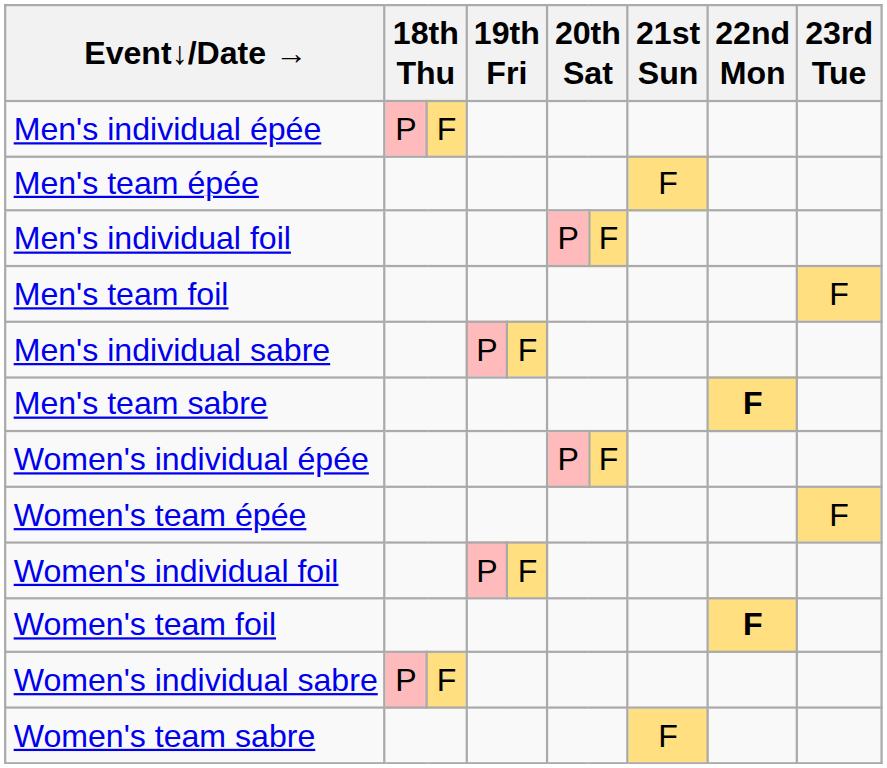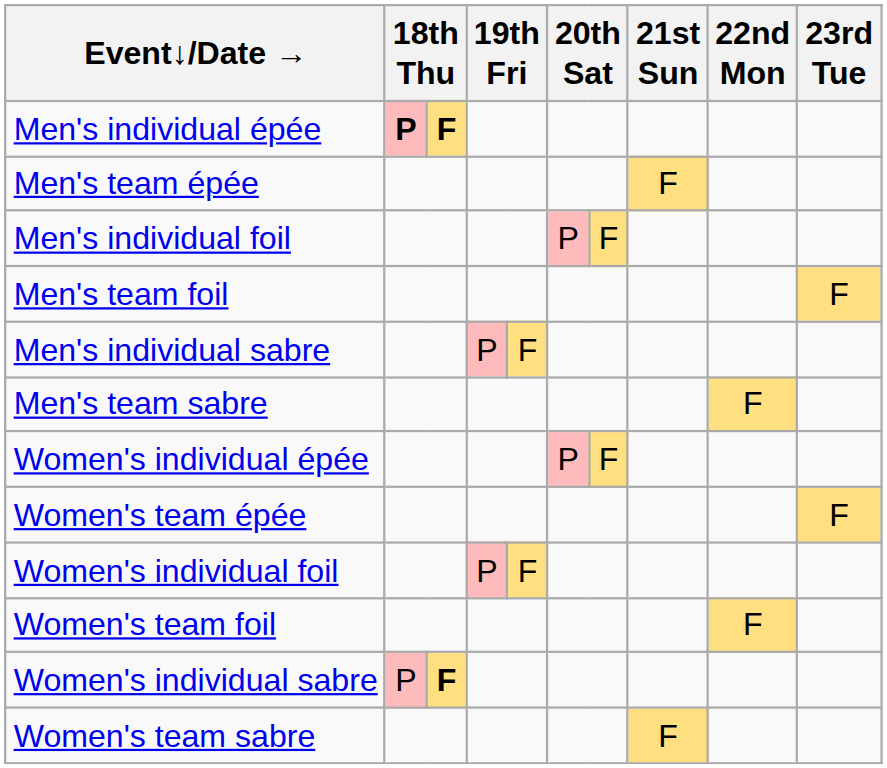 <table class="wikitable" style="margin:0.5em auto; font-size:90%; line-height:1.25em; text-align:center;">
 <tr>
 <th>Event↓/Date →</th>
 <th colspan=2>18th<br>Thu</th>
 <th colspan=2>19th<br>Fri</th>
 <th colspan=2>20th<br>Sat</th>
 <th>21st<br>Sun</th>
 <th>22nd<br>Mon</th>
 <th>23rd<br>Tue</th>
 </tr>
 <tr>
 <td style="text-align:left;"><a href='#'>Men's individual épée</a></td>
-<td bgcolor="#FFBBBB">P</td>
-<td bgcolor="#FFDF80">F</td>
+<td bgcolor="#FFBBBB"><strong>P</strong></td>
+<td bgcolor="#FFDF80"><strong>F</strong></td>
 <td colspan=2></td>
 <td colspan=2></td>
 <td></td>
 <td></td>
 <td></td>
 </tr>
 <tr>
 <td style="text-align:left;"><a href='#'>Men's team épée</a></td>
 <td colspan=2></td>
 <td colspan=2></td>
 <td colspan=2></td>
 <td bgcolor="#FFDF80">F</td>
 <td></td>
 <td></td>
 </tr>
 <tr>
 <td style="text-align:left;"><a href='#'>Men's individual foil</a></td>
 <td colspan=2></td>
 <td colspan=2></td>
 <td bgcolor="#FFBBBB">P</td>
 <td bgcolor="#FFDF80">F</td>
 <td></td>
 <td></td>
 <td></td>
 </tr>
 <tr>
 <td style="text-align:left;"><a href='#'>Men's team foil</a></td>
 <td colspan=2></td>
 <td colspan=2></td>
 <td colspan=2></td>
 <td></td>
 <td></td>
 <td bgcolor="#FFDF80">F</td>
 </tr>
 <tr>
 <td style="text-align:left;"><a href='#'>Men's individual sabre</a></td>
 <td colspan=2></td>
 <td bgcolor="#FFBBBB">P</td>
 <td bgcolor="#FFDF80">F</td>
 <td colspan=2></td>
 <td></td>
 <td></td>
 <td></td>
 </tr>
 <tr>
 <td style="text-align:left;"><a href='#'>Men's team sabre</a></td>
 <td colspan=2></td>
 <td colspan=2></td>
 <td colspan=2></td>
 <td></td>
-<td bgcolor="#FFDF80"><strong>F</strong></td>
+<td bgcolor="#FFDF80">F</td>
 <td></td>
 </tr>
 <tr>
 <td style="text-align:left;"><a href='#'>Women's individual épée</a></td>
 <td colspan=2></td>
 <td colspan=2></td>
 <td bgcolor="#FFBBBB">P</td>
 <td bgcolor="#FFDF80">F</td>
 <td></td>
 <td></td>
 <td></td>
 </tr>
 <tr>
 <td style="text-align:left;"><a href='#'>Women's team épée</a></td>
 <td colspan=2></td>
 <td colspan=2></td>
 <td colspan=2></td>
 <td></td>
 <td></td>
 <td bgcolor="#FFDF80">F</td>
 </tr>
 <tr>
 <td style="text-align:left;"><a href='#'>Women's individual foil</a></td>
 <td colspan=2></td>
 <td bgcolor="#FFBBBB">P</td>
 <td bgcolor="#FFDF80">F</td>
 <td colspan=2></td>
 <td></td>
 <td></td>
 <td></td>
 </tr>
 <tr>
 <td style="text-align:left;"><a href='#'>Women's team foil</a></td>
 <td colspan=2></td>
 <td colspan=2></td>
 <td colspan=2></td>
 <td></td>
-<td bgcolor="#FFDF80"><strong>F</strong></td>
+<td bgcolor="#FFDF80">F</td>
 <td></td>
 </tr>
 <tr>
 <td style="text-align:left;"><a href='#'>Women's individual sabre</a></td>
 <td bgcolor="#FFBBBB">P</td>
-<td bgcolor="#FFDF80">F</td>
+<td bgcolor="#FFDF80"><strong>F</strong></td>
 <td colspan=2></td>
 <td colspan=2></td>
 <td></td>
 <td></td>
 <td></td>
 </tr>
 <tr>
 <td style="text-align:left;"><a href='#'>Women's team sabre</a></td>
 <td colspan=2></td>
 <td colspan=2></td>
 <td colspan=2></td>
 <td bgcolor="#FFDF80">F</td>
 <td></td>
 <td></td>
 </tr>
 </table>
